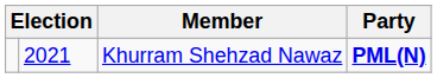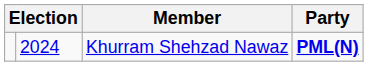 <table class="wikitable">
 <tr>
 <th colspan="2">Election</th>
 <th>Member</th>
 <th>Party</th>
 </tr>
 <tr>
 <td style="background-color: "></td>
-<td><a href='#'>2021</a></td>
+<td><a href='#'>2024</a></td>
 <td><a href='#'>Khurram Shehzad Nawaz</a></td>
 <td><strong><a href='#'>PML(N)</a></strong></td>
 </tr>
 </table>
